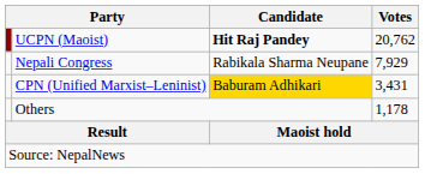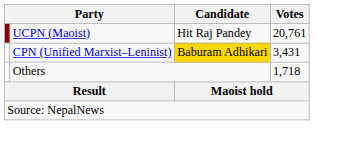 <table class="wikitable">
 <tr>
 <th colspan="2">Party</th>
 <th>Candidate</th>
 <th>Votes</th>
 </tr>
 <tr>
 <td style="background-color:darkred"></td>
 <td><a href='#'>UCPN (Maoist)</a></td>
-<td><strong>Hit Raj Pandey</strong></td>
-<td>20,762</td>
-</tr>
-<tr>
-<td style="background-color:"></td>
-<td><a href='#'>Nepali Congress</a></td>
-<td>Rabikala Sharma Neupane</td>
-<td>7,929</td>
+<td>Hit Raj Pandey</td>
+<td>20,761</td>
 </tr>
 <tr>
 <td style="background-color:"></td>
 <td><a href='#'>CPN (Unified Marxist–Leninist)</a></td>
 <td style="background: gold;">Baburam Adhikari</td>
 <td>3,431</td>
 </tr>
 <tr>
 <td></td>
 <td colspan="2">Others</td>
-<td>1,178</td>
+<td>1,718</td>
 </tr>
 <tr>
 <th colspan="2">Result</th>
 <th colspan="2">Maoist hold</th>
 </tr>
 <tr>
 <td colspan="4">Source: NepalNews</td>
 </tr>
 </table>
